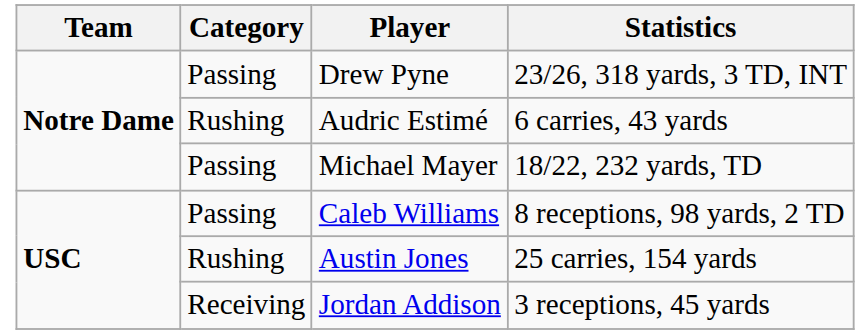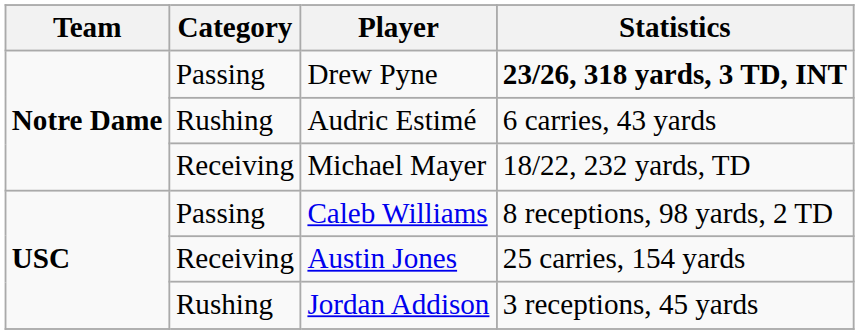 <table class="wikitable" style="float: right;">
 <tr>
 <th>Team</th>
 <th>Category</th>
 <th>Player</th>
 <th>Statistics</th>
 </tr>
 <tr>
 <td rowspan=3><strong>Notre Dame</strong></td>
 <td>Passing</td>
 <td>Drew Pyne</td>
-<td>23/26, 318 yards, 3 TD, INT</td>
+<td><strong>23/26, 318 yards, 3 TD, INT</strong></td>
 </tr>
 <tr>
 <td>Rushing</td>
 <td>Audric Estimé</td>
 <td>6 carries, 43 yards</td>
 </tr>
 <tr>
-<td>Passing</td>
+<td>Receiving</td>
 <td>Michael Mayer</td>
 <td>18/22, 232 yards, TD</td>
 </tr>
 <tr>
 <td rowspan=3><strong>USC</strong></td>
 <td>Passing</td>
 <td><a href='#'>Caleb Williams</a></td>
 <td>8 receptions, 98 yards, 2 TD</td>
 </tr>
 <tr>
-<td>Rushing</td>
+<td>Receiving</td>
 <td><a href='#'>Austin Jones</a></td>
 <td>25 carries, 154 yards</td>
 </tr>
 <tr>
-<td>Receiving</td>
+<td>Rushing</td>
 <td><a href='#'>Jordan Addison</a></td>
 <td>3 receptions, 45 yards</td>
 </tr>
 </table>
